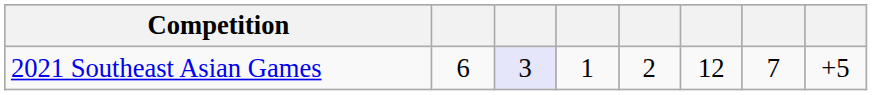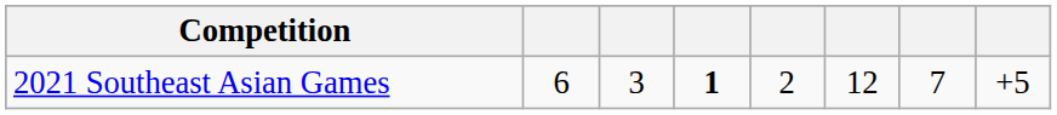 <table class="wikitable" style="text-align: center;">
 <tr>
 <th width=250>Competition</th>
 <th width=30></th>
 <th width=30></th>
 <th width=30></th>
 <th width=30></th>
 <th width=30></th>
 <th width=30></th>
 <th width=30></th>
 </tr>
 <tr>
 <td align="left"><a href='#'>2021 Southeast Asian Games</a></td>
 <td>6</td>
-<td style="background: lavender;">3</td>
-<td>1</td>
+<td>3</td>
+<td><strong>1</strong></td>
 <td>2</td>
 <td>12</td>
 <td>7</td>
 <td>+5</td>
 </tr>
 </table>
